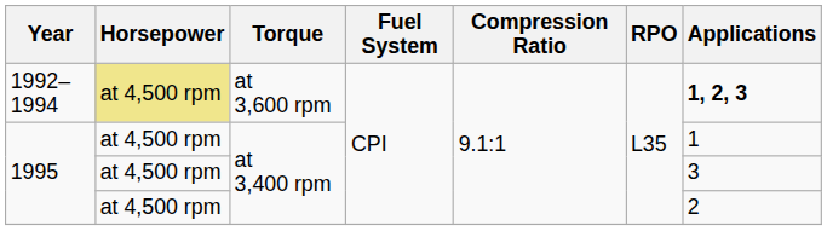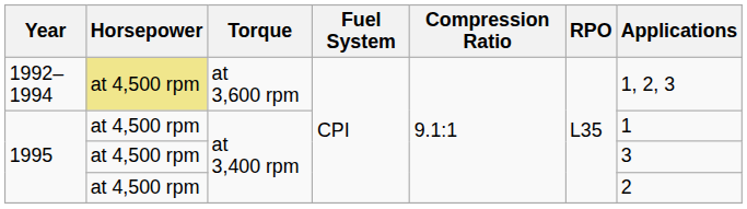 <table class=wikitable>
 <tr>
 <th>Year</th>
 <th>Horsepower</th>
 <th>Torque</th>
 <th>Fuel System</th>
 <th>Compression Ratio</th>
 <th>RPO</th>
 <th>Applications</th>
 </tr>
 <tr>
 <td>1992–1994</td>
 <td style="background: khaki;"> at 4,500 rpm</td>
 <td> at 3,600 rpm</td>
 <td rowspan=4>CPI</td>
 <td rowspan=4>9.1:1</td>
 <td rowspan=4>L35</td>
-<td><strong>1, 2, 3</strong></td>
+<td>1, 2, 3</td>
 </tr>
 <tr>
 <td rowspan=3>1995</td>
 <td> at 4,500 rpm</td>
 <td rowspan=3> at 3,400 rpm</td>
 <td>1</td>
 </tr>
 <tr>
 <td> at 4,500 rpm</td>
 <td>3</td>
 </tr>
 <tr>
 <td> at 4,500 rpm</td>
 <td>2</td>
 </tr>
 <tr>
 </tr>
 </table>
